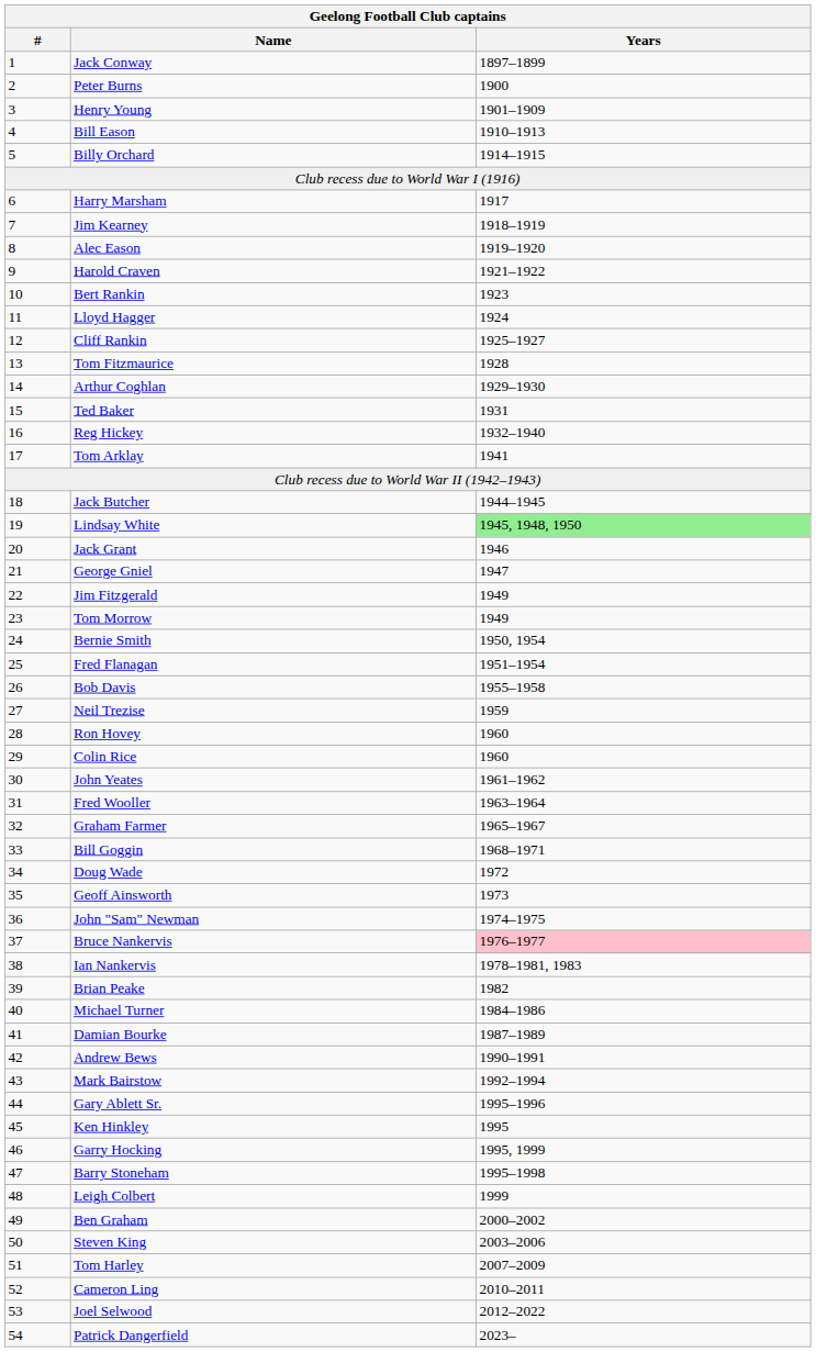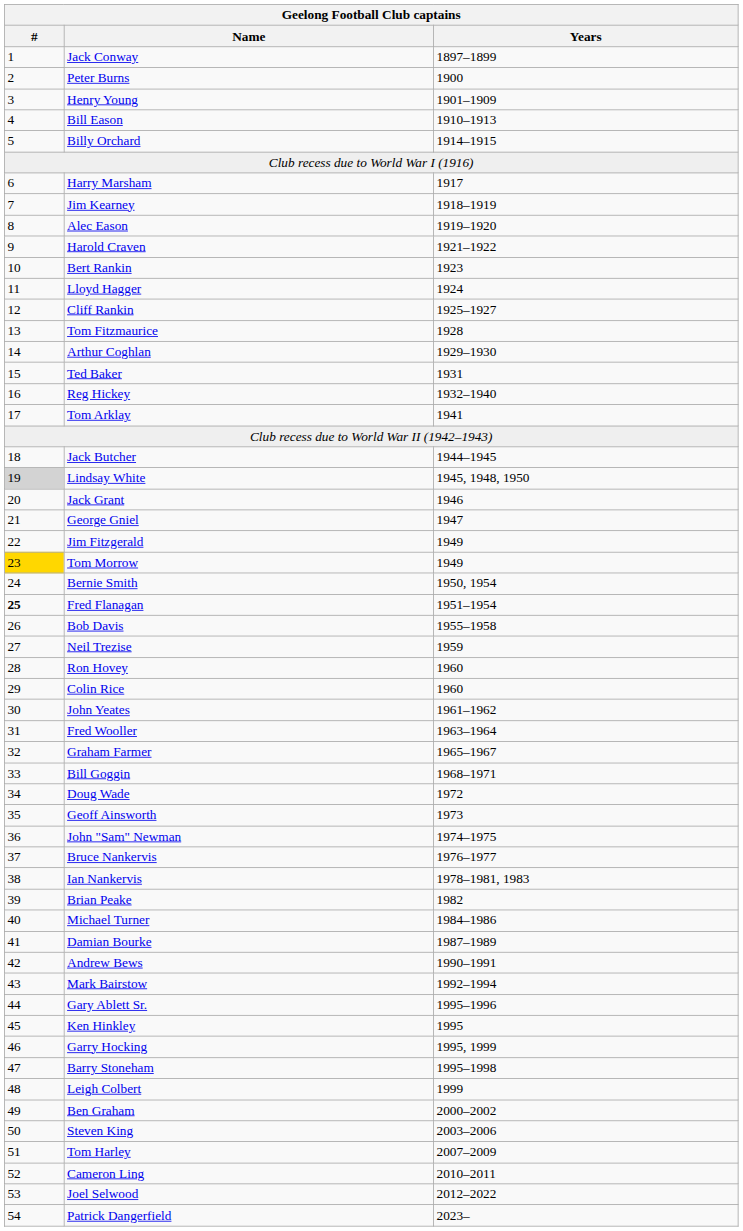 <table class="wikitable" width="70%">
 <tr bgcolor="#efefef">
 <th colspan=3>Geelong Football Club captains</th>
 </tr>
 <tr bgcolor="#efefef">
 <th>#</th>
 <th>Name</th>
 <th>Years</th>
 </tr>
 <tr>
 <td>1</td>
 <td align="left"><a href='#'>Jack Conway</a></td>
 <td>1897–1899</td>
 </tr>
 <tr>
 <td>2</td>
 <td align="left"><a href='#'>Peter Burns</a></td>
 <td>1900</td>
 </tr>
 <tr>
 <td>3</td>
 <td align="left"><a href='#'>Henry Young</a></td>
 <td>1901–1909</td>
 </tr>
 <tr>
 <td>4</td>
 <td align="left"><a href='#'>Bill Eason</a></td>
 <td>1910–1913</td>
 </tr>
 <tr>
 <td>5</td>
 <td align="left"><a href='#'>Billy Orchard</a></td>
 <td>1914–1915</td>
 </tr>
 <tr bgcolor="#efefef">
 <td colspan=3 style="text-align:center;"><em>Club recess due to World War I (1916)</em></td>
 </tr>
 <tr>
 <td>6</td>
 <td align="left"><a href='#'>Harry Marsham</a></td>
 <td>1917</td>
 </tr>
 <tr>
 <td>7</td>
 <td align="left"><a href='#'>Jim Kearney</a></td>
 <td>1918–1919</td>
 </tr>
 <tr>
 <td>8</td>
 <td align="left"><a href='#'>Alec Eason</a></td>
 <td>1919–1920</td>
 </tr>
 <tr>
 <td>9</td>
 <td align="left"><a href='#'>Harold Craven</a></td>
 <td>1921–1922</td>
 </tr>
 <tr>
 <td>10</td>
 <td align="left"><a href='#'>Bert Rankin</a></td>
 <td>1923</td>
 </tr>
 <tr>
 <td>11</td>
 <td align="left"><a href='#'>Lloyd Hagger</a></td>
 <td>1924</td>
 </tr>
 <tr>
 <td>12</td>
 <td align="left"><a href='#'>Cliff Rankin</a></td>
 <td>1925–1927</td>
 </tr>
 <tr>
 <td>13</td>
 <td align="left"><a href='#'>Tom Fitzmaurice</a></td>
 <td>1928</td>
 </tr>
 <tr>
 <td>14</td>
 <td align="left"><a href='#'>Arthur Coghlan</a></td>
 <td>1929–1930</td>
 </tr>
 <tr>
 <td>15</td>
 <td align="left"><a href='#'>Ted Baker</a></td>
 <td>1931</td>
 </tr>
 <tr>
 <td>16</td>
 <td align="left"><a href='#'>Reg Hickey</a></td>
 <td>1932–1940</td>
 </tr>
 <tr>
 <td>17</td>
 <td align="left"><a href='#'>Tom Arklay</a></td>
 <td>1941</td>
 </tr>
 <tr bgcolor="#efefef">
 <td colspan=3 style="text-align:center;"><em>Club recess due to World War II  (1942–1943)</em></td>
 </tr>
 <tr>
 <td>18</td>
 <td align="left"><a href='#'>Jack Butcher</a></td>
 <td>1944–1945</td>
 </tr>
 <tr>
-<td>19</td>
+<td style="background: lightgrey;">19</td>
 <td align="left"><a href='#'>Lindsay White</a></td>
-<td style="background: lightgreen;">1945, 1948, 1950</td>
+<td>1945, 1948, 1950</td>
 </tr>
 <tr>
 <td>20</td>
 <td align="left"><a href='#'>Jack Grant</a></td>
 <td>1946</td>
 </tr>
 <tr>
 <td>21</td>
 <td align="left"><a href='#'>George Gniel</a></td>
 <td>1947</td>
 </tr>
 <tr>
 <td>22</td>
 <td align="left"><a href='#'>Jim Fitzgerald</a></td>
 <td>1949</td>
 </tr>
 <tr>
-<td>23</td>
+<td style="background: gold;">23</td>
 <td align="left"><a href='#'>Tom Morrow</a></td>
 <td>1949</td>
 </tr>
 <tr>
 <td>24</td>
 <td align="left"><a href='#'>Bernie Smith</a></td>
 <td>1950, 1954</td>
 </tr>
 <tr>
-<td>25</td>
+<td><strong>25</strong></td>
 <td align="left"><a href='#'>Fred Flanagan</a></td>
 <td>1951–1954</td>
 </tr>
 <tr>
 <td>26</td>
 <td align="left"><a href='#'>Bob Davis</a></td>
 <td>1955–1958</td>
 </tr>
 <tr>
 <td>27</td>
 <td align="left"><a href='#'>Neil Trezise</a></td>
 <td>1959</td>
 </tr>
 <tr>
 <td>28</td>
 <td align="left"><a href='#'>Ron Hovey</a></td>
 <td>1960</td>
 </tr>
 <tr>
 <td>29</td>
 <td align="left"><a href='#'>Colin Rice</a></td>
 <td>1960</td>
 </tr>
 <tr>
 <td>30</td>
 <td align="left"><a href='#'>John Yeates</a></td>
 <td>1961–1962</td>
 </tr>
 <tr>
 <td>31</td>
 <td align="left"><a href='#'>Fred Wooller</a></td>
 <td>1963–1964</td>
 </tr>
 <tr>
 <td>32</td>
 <td align="left"><a href='#'>Graham Farmer</a></td>
 <td>1965–1967</td>
 </tr>
 <tr>
 <td>33</td>
 <td align="left"><a href='#'>Bill Goggin</a></td>
 <td>1968–1971</td>
 </tr>
 <tr>
 <td>34</td>
 <td align="left"><a href='#'>Doug Wade</a></td>
 <td>1972</td>
 </tr>
 <tr>
 <td>35</td>
 <td align="left"><a href='#'>Geoff Ainsworth</a></td>
 <td>1973</td>
 </tr>
 <tr>
 <td>36</td>
 <td align="left"><a href='#'>John "Sam" Newman</a></td>
 <td>1974–1975</td>
 </tr>
 <tr>
 <td>37</td>
 <td align="left"><a href='#'>Bruce Nankervis</a></td>
-<td style="background: pink;">1976–1977</td>
+<td>1976–1977</td>
 </tr>
 <tr>
 <td>38</td>
 <td align="left"><a href='#'>Ian Nankervis</a></td>
 <td>1978–1981, 1983</td>
 </tr>
 <tr>
 <td>39</td>
 <td align="left"><a href='#'>Brian Peake</a></td>
 <td>1982</td>
 </tr>
 <tr>
 <td>40</td>
 <td align="left"><a href='#'>Michael Turner</a></td>
 <td>1984–1986</td>
 </tr>
 <tr>
 <td>41</td>
 <td align="left"><a href='#'>Damian Bourke</a></td>
 <td>1987–1989</td>
 </tr>
 <tr>
 <td>42</td>
 <td align="left"><a href='#'>Andrew Bews</a></td>
 <td>1990–1991</td>
 </tr>
 <tr>
 <td>43</td>
 <td align="left"><a href='#'>Mark Bairstow</a></td>
 <td>1992–1994</td>
 </tr>
 <tr>
 <td>44</td>
 <td align="left"><a href='#'>Gary Ablett Sr.</a></td>
 <td>1995–1996</td>
 </tr>
 <tr>
 <td>45</td>
 <td align="left"><a href='#'>Ken Hinkley</a></td>
 <td>1995</td>
 </tr>
 <tr>
 <td>46</td>
 <td align="left"><a href='#'>Garry Hocking</a></td>
 <td>1995, 1999</td>
 </tr>
 <tr>
 <td>47</td>
 <td align="left"><a href='#'>Barry Stoneham</a></td>
 <td>1995–1998</td>
 </tr>
 <tr>
 <td>48</td>
 <td align="left"><a href='#'>Leigh Colbert</a></td>
 <td>1999</td>
 </tr>
 <tr>
 <td>49</td>
 <td align="left"><a href='#'>Ben Graham</a></td>
 <td>2000–2002</td>
 </tr>
 <tr>
 <td>50</td>
 <td align="left"><a href='#'>Steven King</a></td>
 <td>2003–2006</td>
 </tr>
 <tr>
 <td>51</td>
 <td align="left"><a href='#'>Tom Harley</a></td>
 <td>2007–2009</td>
 </tr>
 <tr>
 <td>52</td>
 <td align="left"><a href='#'>Cameron Ling</a></td>
 <td>2010–2011</td>
 </tr>
 <tr>
 <td>53</td>
 <td align="left"><a href='#'>Joel Selwood</a></td>
 <td>2012–2022</td>
 </tr>
 <tr>
 <td>54</td>
 <td align="left"><a href='#'>Patrick Dangerfield</a></td>
 <td>2023–</td>
 </tr>
 </table>
